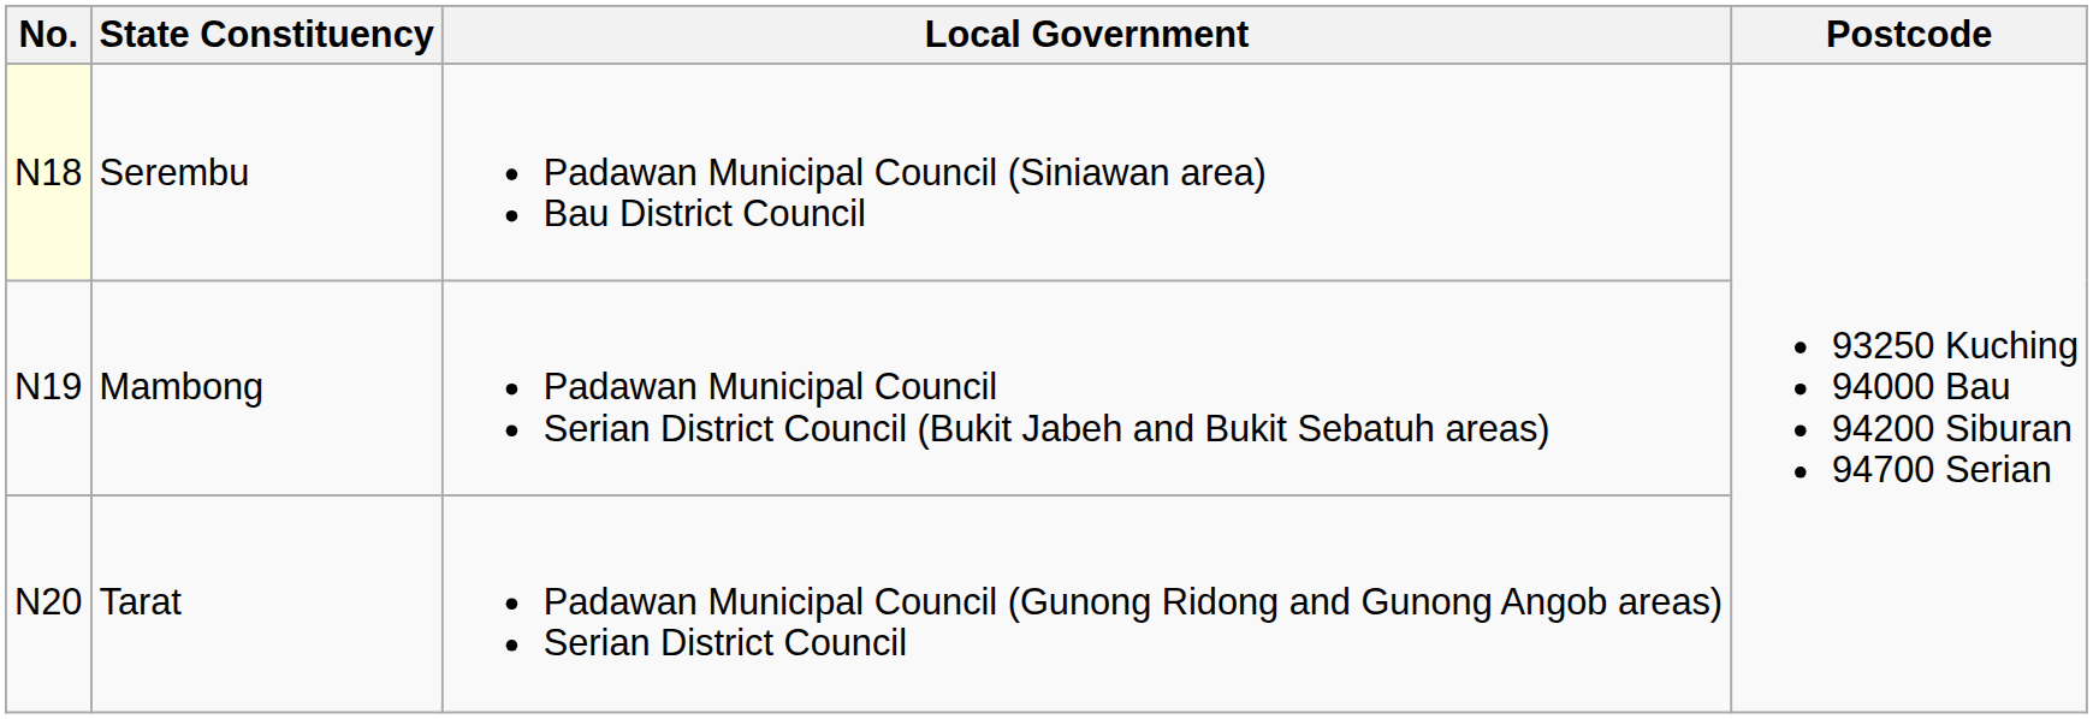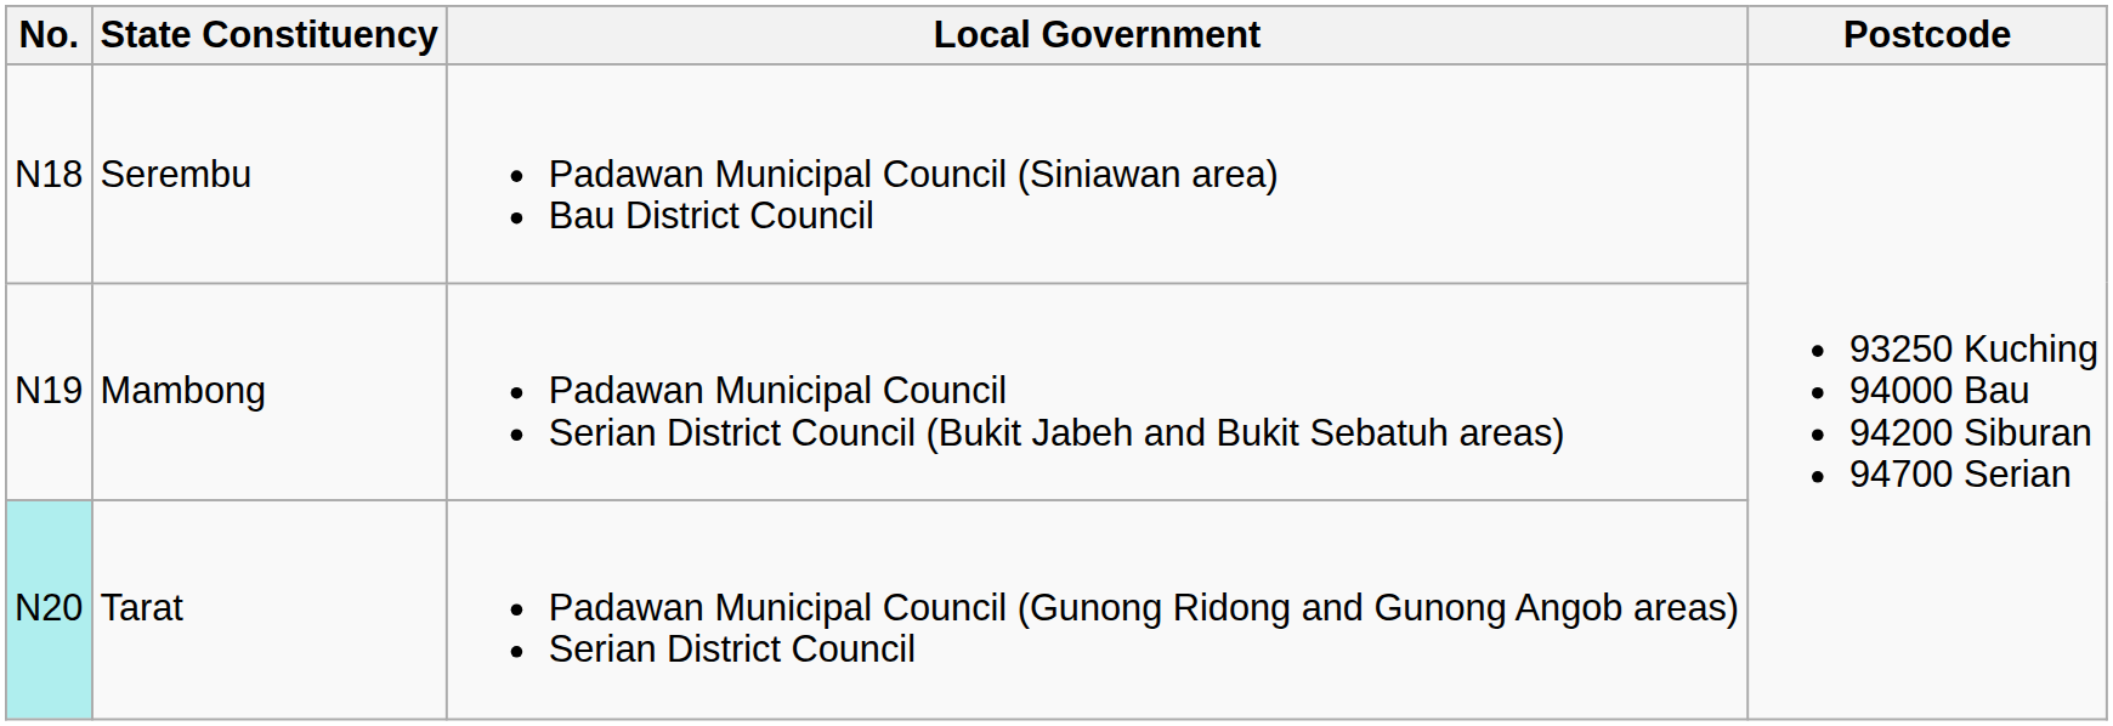 <table class="wikitable">
 <tr>
 <th>No.</th>
 <th>State Constituency</th>
 <th>Local Government</th>
 <th>Postcode</th>
 </tr>
 <tr>
-<td style="background: lightyellow;">N18</td>
+<td>N18</td>
 <td>Serembu</td>
 <td><br><ul><li>Padawan Municipal Council (Siniawan area)</li><li>Bau District Council</li></ul></td>
 <td rowspan="3"><br><ul><li>93250 Kuching</li><li>94000 Bau</li><li>94200 Siburan</li><li>94700 Serian</li></ul></td>
 </tr>
 <tr>
 <td>N19</td>
 <td>Mambong</td>
 <td><br><ul><li>Padawan Municipal Council</li><li>Serian District Council (Bukit Jabeh and Bukit Sebatuh areas)</li></ul></td>
 </tr>
 <tr>
-<td>N20</td>
+<td style="background: paleturquoise;">N20</td>
 <td>Tarat</td>
 <td><br><ul><li>Padawan Municipal Council (Gunong Ridong and Gunong Angob areas)</li><li>Serian District Council</li></ul></td>
 </tr>
 </table>
